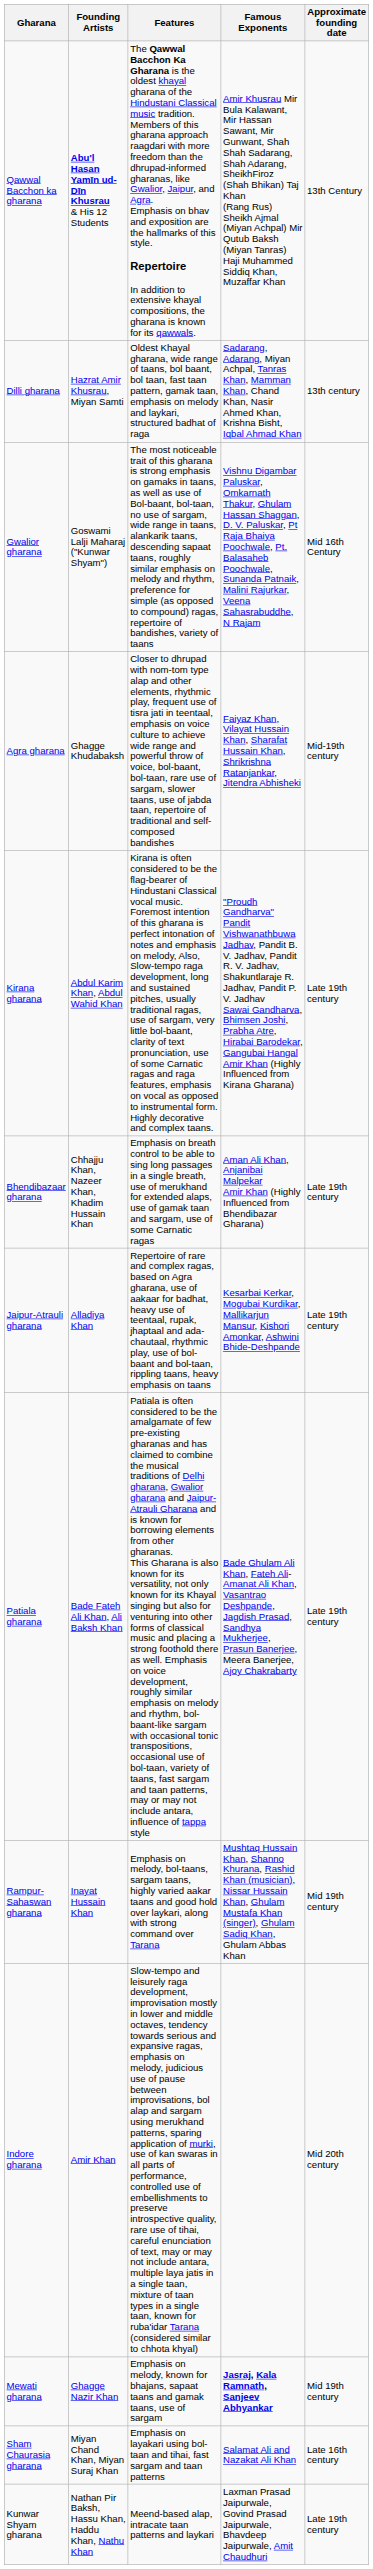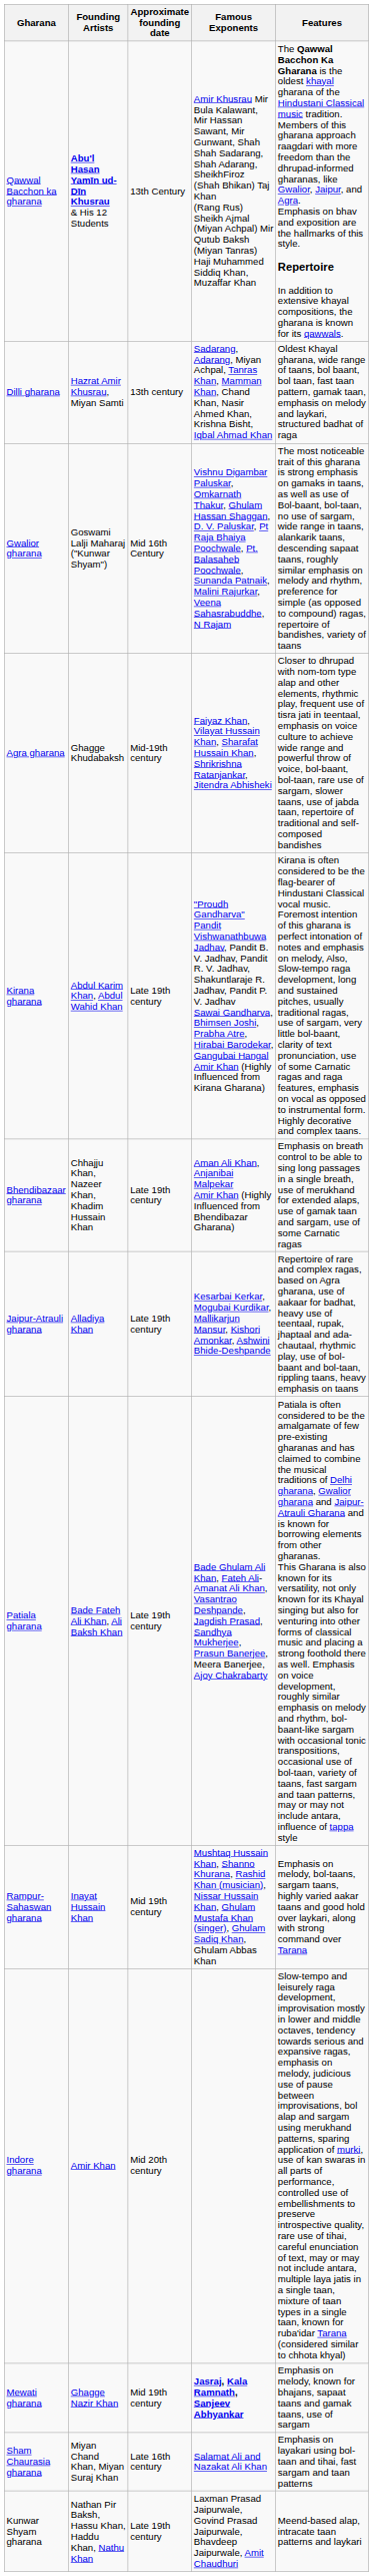 <table class="wikitable sortable">
 <tr>
 <th class="unsortable">Gharana</th>
 <th>Founding Artists</th>
+<th>Approximate founding date</th>
+<th>Famous Exponents</th>
 <th>Features</th>
-<th>Famous Exponents</th>
-<th>Approximate founding date</th>
 </tr>
 <tr>
 <td><a href='#'>Qawwal Bacchon ka gharana</a></td>
 <td><strong><a href='#'>Abu'l Hasan Yamīn ud-Dīn Khusrau</a></strong><br>& His 12 Students</td>
+<td>13th Century</td>
+<td><a href='#'>Amir Khusrau</a> Mir Bula Kalawant, Mir Hassan Sawant, Mir Gunwant, Shah Shah Sadarang, Shah Adarang, SheikhFiroz<br>(Shah Bhikan) Taj Khan<br>(Rang Rus)  Sheikh Ajmal  (Miyan Achpal) Mir Qutub Baksh (Miyan Tanras) Haji Muhammed Siddiq Khan, Muzaffar Khan</td>
 <td>The <strong>Qawwal Bacchon Ka Gharana</strong> is the oldest <a href='#'>khayal</a> gharana of the <a href='#'>Hindustani Classical music</a> tradition.<br>Members of this gharana approach raagdari with more freedom than the dhrupad-informed gharanas, like <a href='#'>Gwalior</a>, <a href='#'>Jaipur</a>, and <a href='#'>Agra</a>.<br>Emphasis on bhav and exposition are the hallmarks of this style.<h3>Repertoire</h3>In addition to extensive khayal compositions, the gharana is known for its <a href='#'>qawwals</a>.</td>
-<td><a href='#'>Amir Khusrau</a> Mir Bula Kalawant, Mir Hassan Sawant, Mir Gunwant, Shah Shah Sadarang, Shah Adarang, SheikhFiroz<br>(Shah Bhikan) Taj Khan<br>(Rang Rus)  Sheikh Ajmal  (Miyan Achpal) Mir Qutub Baksh (Miyan Tanras) Haji Muhammed Siddiq Khan, Muzaffar Khan</td>
-<td>13th Century</td>
 </tr>
 <tr --------->
 <td><a href='#'>Dilli gharana</a></td>
 <td><a href='#'>Hazrat Amir Khusrau</a>, Miyan Samti</td>
+<td>13th century</td>
+<td><a href='#'>Sadarang</a>, <a href='#'>Adarang</a>, Miyan Achpal, <a href='#'>Tanras Khan</a>, <a href='#'>Mamman Khan</a>, Chand Khan, Nasir Ahmed Khan, Krishna Bisht, <a href='#'>Iqbal Ahmad Khan</a></td>
 <td>Oldest Khayal gharana, wide range of taans, bol baant, bol taan, fast taan pattern, gamak taan, emphasis on melody and laykari, structured badhat of raga</td>
-<td><a href='#'>Sadarang</a>, <a href='#'>Adarang</a>, Miyan Achpal, <a href='#'>Tanras Khan</a>, <a href='#'>Mamman Khan</a>, Chand Khan, Nasir Ahmed Khan, Krishna Bisht, <a href='#'>Iqbal Ahmad Khan</a></td>
-<td>13th century</td>
 </tr>
 <tr --------->
 <td><a href='#'>Gwalior gharana</a></td>
 <td>Goswami Lalji Maharaj ("Kunwar Shyam")</td>
+<td>Mid 16th Century</td>
+<td><a href='#'>Vishnu Digambar Paluskar</a>, <a href='#'>Omkarnath Thakur</a>, <a href='#'>Ghulam Hassan Shaggan</a>, <a href='#'>D. V. Paluskar</a>, <a href='#'>Pt Raja Bhaiya Poochwale</a>, <a href='#'>Pt. Balasaheb Poochwale</a>, <a href='#'>Sunanda Patnaik</a>, <a href='#'>Malini Rajurkar</a>, <a href='#'>Veena Sahasrabuddhe</a>, <a href='#'>N Rajam</a></td>
 <td>The most noticeable trait of this gharana is strong emphasis on gamaks in taans, as well as use of Bol-baant, bol-taan, no use of sargam, wide range in taans, alankarik taans, descending sapaat taans, roughly similar emphasis on melody and rhythm, preference for simple (as opposed to compound) ragas, repertoire of bandishes, variety of taans</td>
-<td><a href='#'>Vishnu Digambar Paluskar</a>, <a href='#'>Omkarnath Thakur</a>, <a href='#'>Ghulam Hassan Shaggan</a>, <a href='#'>D. V. Paluskar</a>, <a href='#'>Pt Raja Bhaiya Poochwale</a>, <a href='#'>Pt. Balasaheb Poochwale</a>, <a href='#'>Sunanda Patnaik</a>, <a href='#'>Malini Rajurkar</a>, <a href='#'>Veena Sahasrabuddhe</a>, <a href='#'>N Rajam</a></td>
-<td>Mid 16th Century</td>
 </tr>
 <tr --------->
 <td><a href='#'>Agra gharana</a></td>
 <td>Ghagge Khudabaksh</td>
+<td>Mid-19th century</td>
+<td><a href='#'>Faiyaz Khan</a>, <a href='#'>Vilayat Hussain Khan</a>, <a href='#'>Sharafat Hussain Khan</a>, <a href='#'>Shrikrishna Ratanjankar</a>, <a href='#'>Jitendra Abhisheki</a></td>
 <td>Closer to dhrupad with nom-tom type alap and other elements, rhythmic play, frequent use of tisra jati in teentaal, emphasis on voice culture to achieve wide range and powerful throw of voice, bol-baant, bol-taan, rare use of sargam, slower taans, use of jabda taan, repertoire of traditional and self-composed bandishes</td>
-<td><a href='#'>Faiyaz Khan</a>, <a href='#'>Vilayat Hussain Khan</a>, <a href='#'>Sharafat Hussain Khan</a>, <a href='#'>Shrikrishna Ratanjankar</a>, <a href='#'>Jitendra Abhisheki</a></td>
-<td>Mid-19th century</td>
 </tr>
 <tr --------->
 <td><a href='#'>Kirana gharana</a></td>
 <td><a href='#'>Abdul Karim Khan</a>, <a href='#'>Abdul Wahid Khan</a></td>
+<td>Late 19th century</td>
+<td><a href='#'>"Proudh Gandharva" Pandit Vishwanathbuwa Jadhav</a>, Pandit B. V. Jadhav, Pandit R. V. Jadhav,  Shakuntlaraje R. Jadhav, Pandit P. V. Jadhav<br><a href='#'>Sawai Gandharva</a>, <a href='#'>Bhimsen Joshi</a>, <a href='#'>Prabha Atre</a>, <a href='#'>Hirabai Barodekar</a>, <a href='#'>Gangubai Hangal</a><br><a href='#'>Amir Khan</a> (Highly Influenced from Kirana Gharana)</td>
 <td>Kirana is often considered to be the flag-bearer of Hindustani Classical vocal music.<br>Foremost intention of this gharana is perfect intonation of notes and emphasis on melody, Also, Slow-tempo raga development, long and sustained pitches, usually traditional ragas, use of sargam, very little bol-baant, clarity of text pronunciation, use of some Carnatic ragas and raga features, emphasis on vocal as opposed to instrumental form. Highly decorative and complex taans.</td>
-<td><a href='#'>"Proudh Gandharva" Pandit Vishwanathbuwa Jadhav</a>, Pandit B. V. Jadhav, Pandit R. V. Jadhav,  Shakuntlaraje R. Jadhav, Pandit P. V. Jadhav<br><a href='#'>Sawai Gandharva</a>, <a href='#'>Bhimsen Joshi</a>, <a href='#'>Prabha Atre</a>, <a href='#'>Hirabai Barodekar</a>, <a href='#'>Gangubai Hangal</a><br><a href='#'>Amir Khan</a> (Highly Influenced from Kirana Gharana)</td>
-<td>Late 19th century</td>
 </tr>
 <tr --------->
 <td><a href='#'>Bhendibazaar gharana</a></td>
 <td>Chhajju Khan, Nazeer Khan, Khadim Hussain Khan</td>
+<td>Late 19th century</td>
+<td><a href='#'>Aman Ali Khan</a>, <a href='#'>Anjanibai Malpekar</a><br><a href='#'>Amir Khan</a> (Highly Influenced from Bhendibazar Gharana)</td>
 <td>Emphasis on breath control to be able to sing long passages in a single breath, use of merukhand for extended alaps, use of gamak taan and sargam, use of some Carnatic ragas</td>
-<td><a href='#'>Aman Ali Khan</a>, <a href='#'>Anjanibai Malpekar</a><br><a href='#'>Amir Khan</a> (Highly Influenced from Bhendibazar Gharana)</td>
-<td>Late 19th century</td>
 </tr>
 <tr --------->
 <td><a href='#'>Jaipur-Atrauli gharana</a></td>
 <td><a href='#'>Alladiya Khan</a></td>
+<td>Late 19th century</td>
+<td><a href='#'>Kesarbai Kerkar</a>, <a href='#'>Mogubai Kurdikar</a>, <a href='#'>Mallikarjun Mansur</a>, <a href='#'>Kishori Amonkar</a>, <a href='#'>Ashwini Bhide-Deshpande</a></td>
 <td>Repertoire of rare and complex ragas, based on Agra gharana, use of aakaar for badhat, heavy use of teentaal, rupak, jhaptaal and ada-chautaal, rhythmic play, use of bol-baant and bol-taan, rippling taans, heavy emphasis on taans</td>
-<td><a href='#'>Kesarbai Kerkar</a>, <a href='#'>Mogubai Kurdikar</a>, <a href='#'>Mallikarjun Mansur</a>, <a href='#'>Kishori Amonkar</a>, <a href='#'>Ashwini Bhide-Deshpande</a></td>
-<td>Late 19th century</td>
 </tr>
 <tr --------->
 <td><a href='#'>Patiala gharana</a></td>
 <td><a href='#'>Bade Fateh Ali Khan</a>, <a href='#'>Ali Baksh Khan</a></td>
+<td>Late 19th century</td>
+<td><a href='#'>Bade Ghulam Ali Khan</a>, <a href='#'>Fateh Ali</a>-<a href='#'>Amanat Ali Khan</a>, <a href='#'>Vasantrao Deshpande</a>, <a href='#'>Jagdish Prasad</a>, <a href='#'>Sandhya Mukherjee</a>, <a href='#'>Prasun Banerjee</a>, Meera Banerjee, <a href='#'>Ajoy Chakrabarty</a></td>
 <td>Patiala is often considered to be the amalgamate of few pre-existing gharanas and has claimed to combine the musical traditions of <a href='#'>Delhi gharana</a>, <a href='#'>Gwalior gharana</a> and <a href='#'>Jaipur-Atrauli Gharana</a> and is known for borrowing elements from other gharanas.<br>This Gharana is also known for its versatility, not only known for its Khayal singing but also for venturing into other forms of classical music and placing a strong foothold there as well. Emphasis on voice development, roughly similar emphasis on melody and rhythm, bol-baant-like sargam with occasional tonic transpositions, occasional use of bol-taan, variety of taans, fast sargam and taan patterns, may or may not include antara, influence of <a href='#'>tappa</a> style</td>
-<td><a href='#'>Bade Ghulam Ali Khan</a>, <a href='#'>Fateh Ali</a>-<a href='#'>Amanat Ali Khan</a>, <a href='#'>Vasantrao Deshpande</a>, <a href='#'>Jagdish Prasad</a>, <a href='#'>Sandhya Mukherjee</a>, <a href='#'>Prasun Banerjee</a>, Meera Banerjee, <a href='#'>Ajoy Chakrabarty</a></td>
-<td>Late 19th century</td>
 </tr>
 <tr --------->
 <td><a href='#'>Rampur-Sahaswan gharana</a></td>
 <td><a href='#'>Inayat Hussain Khan</a></td>
+<td>Mid 19th century</td>
+<td><a href='#'>Mushtaq Hussain Khan</a>, <a href='#'>Shanno Khurana</a>, <a href='#'>Rashid Khan (musician)</a>, <a href='#'>Nissar Hussain Khan</a>, <a href='#'>Ghulam Mustafa Khan (singer)</a>, <a href='#'>Ghulam Sadiq Khan</a>, Ghulam Abbas Khan</td>
 <td>Emphasis on melody, bol-taans, sargam taans, highly varied aakar taans and good hold over laykari, along with strong command over <a href='#'>Tarana</a></td>
-<td><a href='#'>Mushtaq Hussain Khan</a>, <a href='#'>Shanno Khurana</a>, <a href='#'>Rashid Khan (musician)</a>, <a href='#'>Nissar Hussain Khan</a>, <a href='#'>Ghulam Mustafa Khan (singer)</a>, <a href='#'>Ghulam Sadiq Khan</a>, Ghulam Abbas Khan</td>
-<td>Mid 19th century</td>
 </tr>
 <tr --------->
 <td><a href='#'>Indore gharana</a></td>
 <td><a href='#'>Amir Khan</a></td>
+<td>Mid 20th century</td>
+<td></td>
 <td>Slow-tempo and leisurely raga development, improvisation mostly in lower and middle octaves, tendency towards serious and expansive ragas, emphasis on melody, judicious use of pause between improvisations, bol alap and sargam using merukhand patterns, sparing application of <a href='#'>murki</a>, use of kan swaras in all parts of performance, controlled use of embellishments to preserve introspective quality, rare use of tihai, careful enunciation of text, may or may not include antara, multiple laya jatis in a single taan, mixture of taan types in a single taan, known for ruba'idar <a href='#'>Tarana</a> (considered similar to chhota khyal)</td>
-<td></td>
-<td>Mid 20th century</td>
 </tr>
 <tr --------->
 <td><a href='#'>Mewati gharana</a></td>
 <td><a href='#'>Ghagge Nazir Khan</a></td>
+<td>Mid 19th century</td>
+<td><strong><a href='#'>Jasraj</a>, <a href='#'>Kala Ramnath</a>, <a href='#'>Sanjeev Abhyankar</a></strong></td>
 <td>Emphasis on melody, known for bhajans, sapaat taans and gamak taans, use of sargam</td>
-<td><strong><a href='#'>Jasraj</a>, <a href='#'>Kala Ramnath</a>, <a href='#'>Sanjeev Abhyankar</a></strong></td>
-<td>Mid 19th century</td>
 </tr>
 <tr --------->
 <td><a href='#'>Sham Chaurasia gharana</a></td>
 <td>Miyan Chand Khan, Miyan Suraj Khan</td>
+<td>Late 16th century</td>
+<td><a href='#'>Salamat Ali and Nazakat Ali Khan</a></td>
 <td>Emphasis on layakari using bol-taan and tihai, fast sargam and taan patterns</td>
-<td><a href='#'>Salamat Ali and Nazakat Ali Khan</a></td>
-<td>Late 16th century</td>
 </tr>
 <tr>
 <td>Kunwar Shyam gharana</td>
 <td>Nathan Pir Baksh, Hassu Khan, Haddu Khan, <a href='#'>Nathu Khan</a></td>
+<td>Late 19th century</td>
+<td>Laxman Prasad Jaipurwale, Govind Prasad Jaipurwale, Bhavdeep Jaipurwale, <a href='#'>Amit Chaudhuri</a></td>
 <td>Meend-based alap, intracate taan patterns and laykari</td>
-<td>Laxman Prasad Jaipurwale, Govind Prasad Jaipurwale, Bhavdeep Jaipurwale, <a href='#'>Amit Chaudhuri</a></td>
-<td>Late 19th century</td>
 </tr>
 </table>
